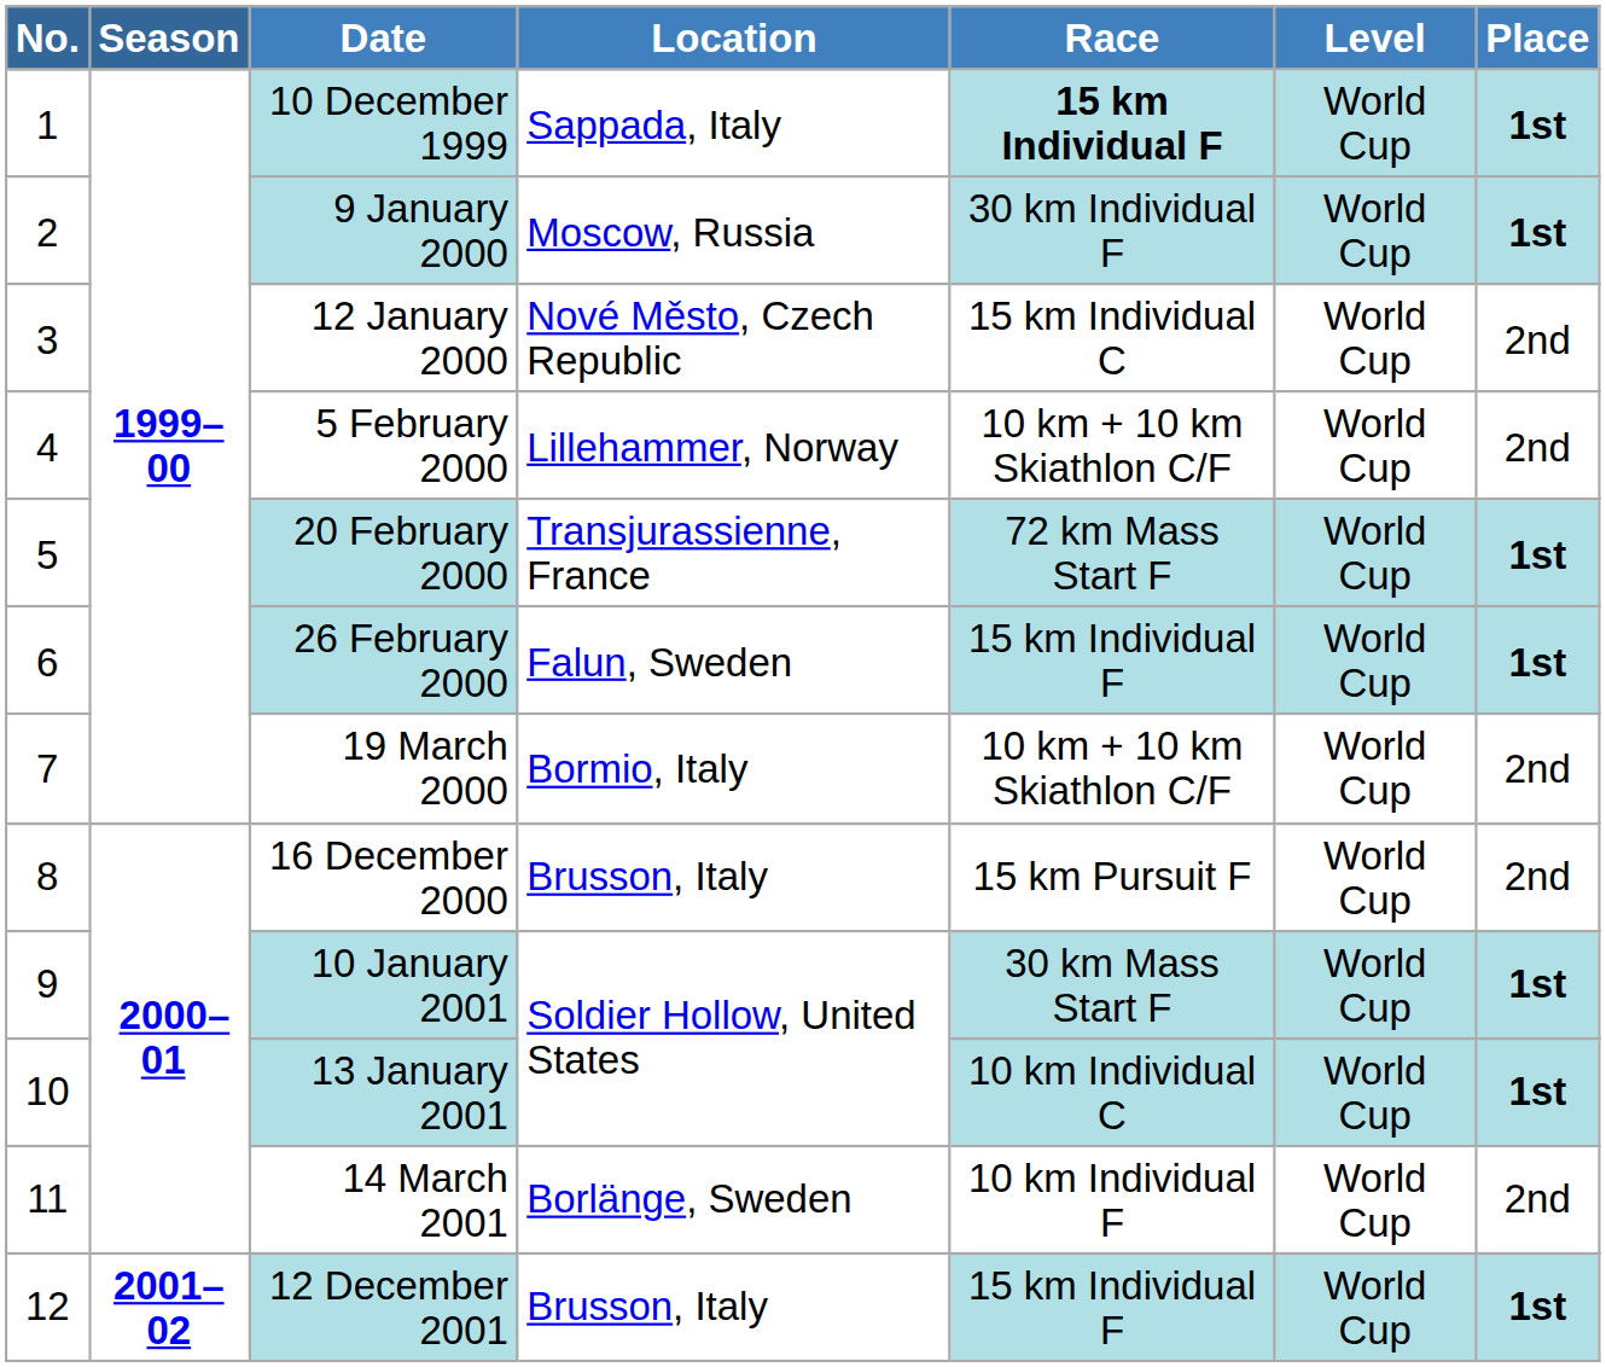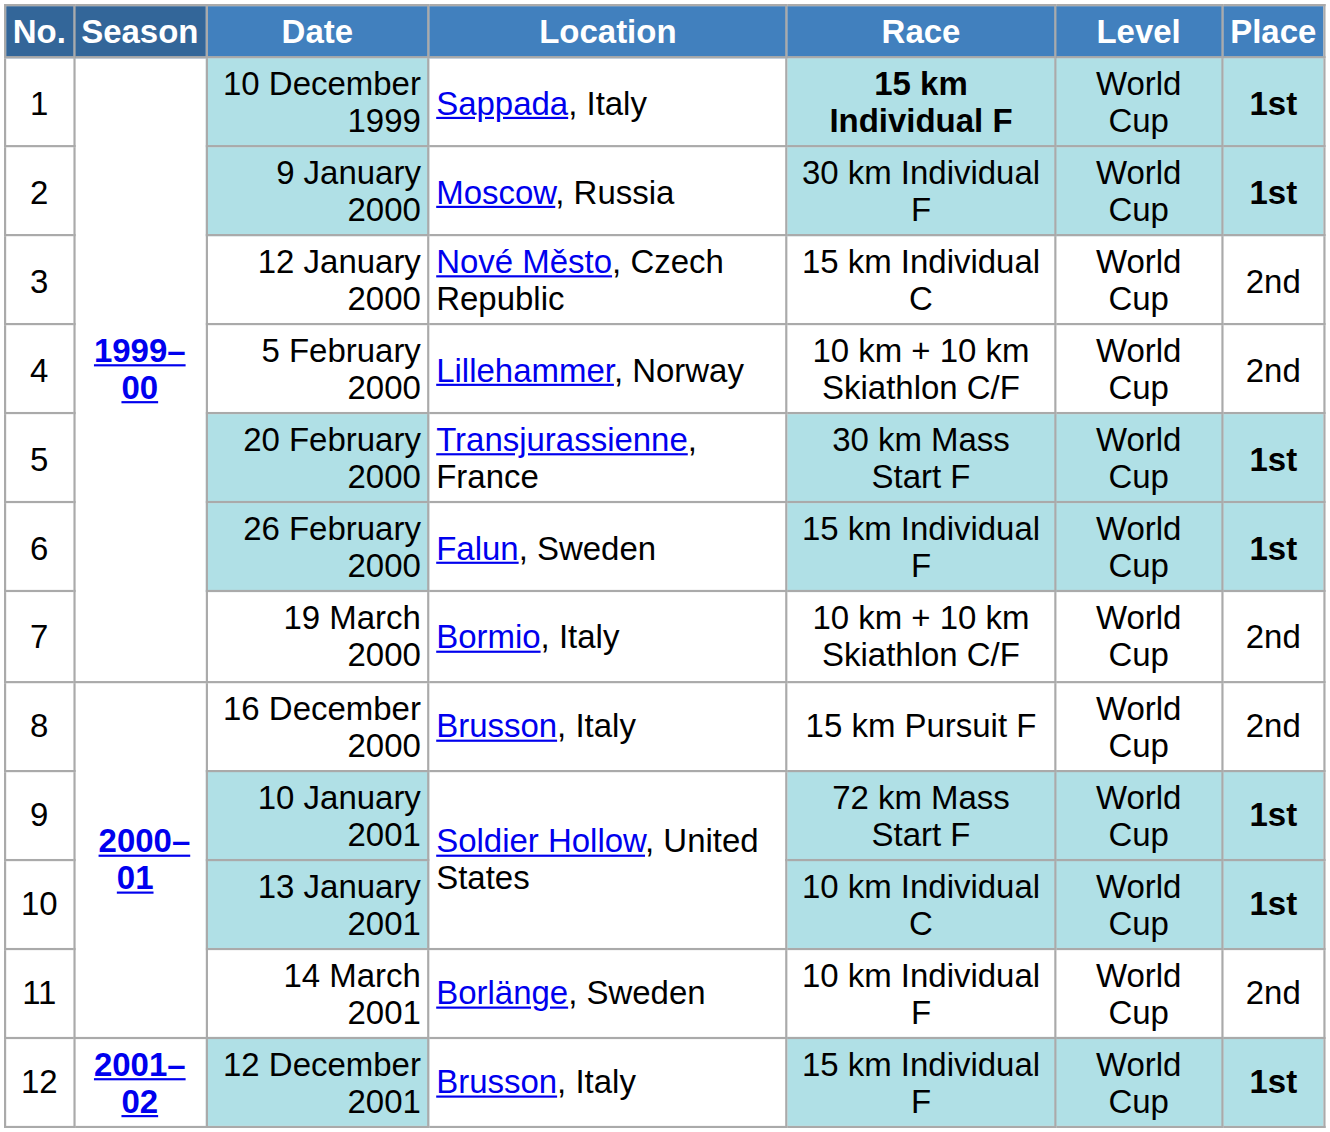 <table class="wikitable sortable" style="font-size:95%; text-align:center; border:grey solid 1px; border-collapse:collapse; background:#ffffff;">
 <tr style="background:#efefef;">
 <th style="background-color:#369; color:white;">No.</th>
 <th style="background-color:#369; color:white;">Season</th>
 <th style="background-color:#4180be; color:white; width:120px;">Date</th>
 <th style="background-color:#4180be; color:white; width:195px;">Location</th>
 <th style="background-color:#4180be; color:white; width:160px;">Race</th>
 <th style="background-color:#4180be; color:white; width:100px;">Level</th>
 <th style="background-color:#4180be; color:white;">Place</th>
 </tr>
 <tr>
 <td align=center>1</td>
 <td rowspan=7 align=center><strong><a href='#'>1999–00</a></strong></td>
 <td bgcolor="#BOEOE6" align=right>10 December 1999</td>
 <td align=left> <a href='#'>Sappada</a>, Italy</td>
 <td bgcolor="#BOEOE6"><strong>15 km Individual F</strong></td>
 <td bgcolor="#BOEOE6">World Cup</td>
 <td bgcolor="#BOEOE6"><strong>1st</strong></td>
 </tr>
 <tr>
 <td align=center>2</td>
 <td bgcolor="#BOEOE6" align=right>9 January 2000</td>
 <td align=left> <a href='#'>Moscow</a>, Russia</td>
 <td bgcolor="#BOEOE6">30 km Individual F</td>
 <td bgcolor="#BOEOE6">World Cup</td>
 <td bgcolor="#BOEOE6"><strong>1st</strong></td>
 </tr>
 <tr>
 <td align=center>3</td>
 <td align=right>12 January 2000</td>
 <td align=left> <a href='#'>Nové Město</a>, Czech Republic</td>
 <td>15 km Individual C</td>
 <td>World Cup</td>
 <td>2nd</td>
 </tr>
 <tr>
 <td align=center>4</td>
 <td align=right>5 February 2000</td>
 <td align=left> <a href='#'>Lillehammer</a>, Norway</td>
 <td>10 km + 10 km Skiathlon C/F</td>
 <td>World Cup</td>
 <td>2nd</td>
 </tr>
 <tr>
 <td align=center>5</td>
 <td bgcolor="#BOEOE6" align=right>20 February 2000</td>
 <td align=left> <a href='#'>Transjurassienne</a>, France</td>
-<td bgcolor="#BOEOE6">72 km Mass Start F</td>
+<td bgcolor="#BOEOE6">30 km Mass Start F</td>
 <td bgcolor="#BOEOE6">World Cup</td>
 <td bgcolor="#BOEOE6"><strong>1st</strong></td>
 </tr>
 <tr>
 <td align=center>6</td>
 <td bgcolor="#BOEOE6" align=right>26 February 2000</td>
 <td align=left> <a href='#'>Falun</a>, Sweden</td>
 <td bgcolor="#BOEOE6">15 km Individual F</td>
 <td bgcolor="#BOEOE6">World Cup</td>
 <td bgcolor="#BOEOE6"><strong>1st</strong></td>
 </tr>
 <tr>
 <td align=center>7</td>
 <td align=right>19 March 2000</td>
 <td align=left> <a href='#'>Bormio</a>, Italy</td>
 <td>10 km + 10 km Skiathlon C/F</td>
 <td>World Cup</td>
 <td>2nd</td>
 </tr>
 <tr>
 <td align=center>8</td>
 <td rowspan=4 align=center><strong> <a href='#'>2000–01</a> </strong></td>
 <td align=right>16 December 2000</td>
 <td align=left> <a href='#'>Brusson</a>, Italy</td>
 <td>15 km Pursuit F</td>
 <td>World Cup</td>
 <td>2nd</td>
 </tr>
 <tr>
 <td align=center>9</td>
 <td bgcolor="#BOEOE6" align=right>10 January 2001</td>
 <td rowspan=2 align=left> <a href='#'>Soldier Hollow</a>, United States</td>
-<td bgcolor="#BOEOE6">30 km Mass Start F</td>
+<td bgcolor="#BOEOE6">72 km Mass Start F</td>
 <td bgcolor="#BOEOE6">World Cup</td>
 <td bgcolor="#BOEOE6"><strong>1st</strong></td>
 </tr>
 <tr>
 <td align=center>10</td>
 <td bgcolor="#BOEOE6" align=right>13 January 2001</td>
 <td bgcolor="#BOEOE6">10 km Individual C</td>
 <td bgcolor="#BOEOE6">World Cup</td>
 <td bgcolor="#BOEOE6"><strong>1st</strong></td>
 </tr>
 <tr>
 <td align=center>11</td>
 <td align=right>14 March 2001</td>
 <td align=left> <a href='#'>Borlänge</a>, Sweden</td>
 <td>10 km Individual F</td>
 <td>World Cup</td>
 <td>2nd</td>
 </tr>
 <tr>
 <td align=center>12</td>
 <td rowspan=1 align=center><strong><a href='#'>2001–02</a></strong></td>
 <td bgcolor="#BOEOE6" align=right>12 December 2001</td>
 <td align=left> <a href='#'>Brusson</a>, Italy</td>
 <td bgcolor="#BOEOE6">15 km Individual F</td>
 <td bgcolor="#BOEOE6">World Cup</td>
 <td bgcolor="#BOEOE6"><strong>1st</strong></td>
 </tr>
 </table>
